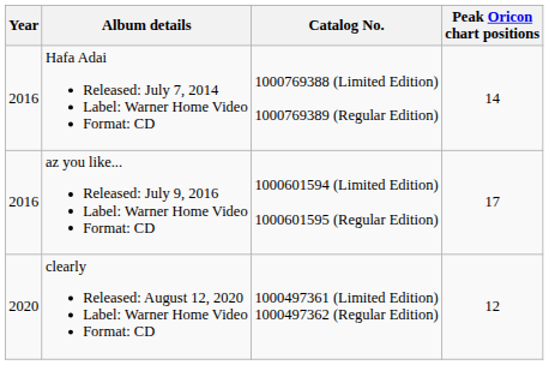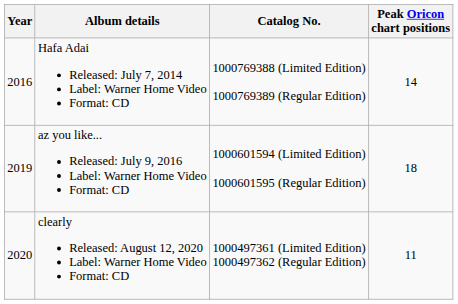 <table class="wikitable">
 <tr>
 <th>Year</th>
 <th>Album details</th>
 <th>Catalog No.</th>
 <th>Peak <a href='#'>Oricon</a><br> chart positions</th>
 </tr>
 <tr>
 <td>2016</td>
 <td align="left">Hafa Adai<br><ul><li>Released: July 7, 2014</li><li>Label: Warner Home Video</li><li>Format: CD</li></ul></td>
 <td>1000769388 (Limited Edition)<br><br>1000769389 (Regular Edition)</td>
 <td align="center">14</td>
 </tr>
 <tr>
-<td>2016</td>
+<td>2019</td>
 <td align="left">az you like...<br><ul><li>Released: July 9, 2016</li><li>Label: Warner Home Video</li><li>Format: CD</li></ul></td>
 <td>1000601594 (Limited Edition)<br><br>1000601595 (Regular Edition)</td>
-<td align="center">17</td>
+<td align="center">18</td>
 </tr>
 <tr>
 <td>2020</td>
 <td align="left">clearly<br><ul><li>Released: August 12, 2020</li><li>Label: Warner Home Video</li><li>Format: CD</li></ul></td>
 <td>1000497361 (Limited Edition)<br>1000497362 (Regular Edition)</td>
-<td align="center">12</td>
+<td align="center">11</td>
 </tr>
 </table>
